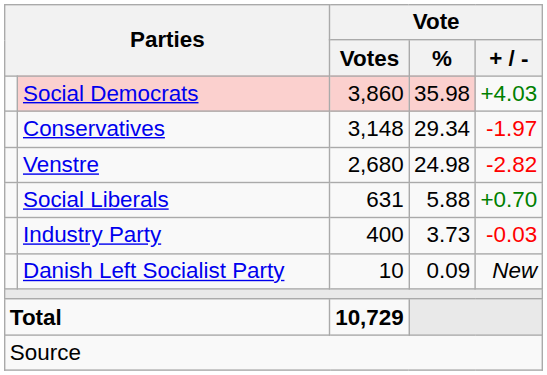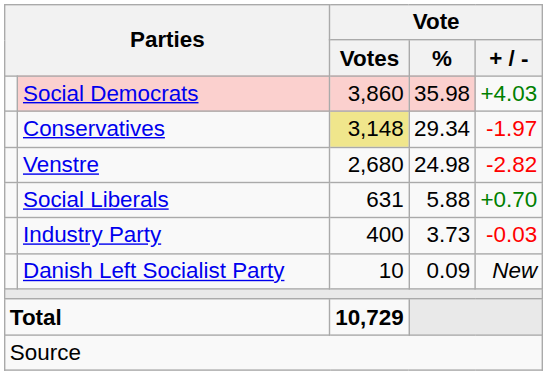 <table class="wikitable" style="text-align:right;">
 <tr>
 <th style="text-align:centre;" rowspan="2" colspan="2" width="225">Parties</th>
 <th colspan="3">Vote</th>
 </tr>
 <tr>
 <th width="15">Votes</th>
 <th width="15">%</th>
 <th width="15">+ / -</th>
 </tr>
 <tr>
 <td width="2" style="color:inherit;background:"></td>
 <td bgcolor=#fbd0ce  align="left"><a href='#'>Social Democrats</a></td>
 <td bgcolor=#fbd0ce>3,860</td>
 <td bgcolor=#fbd0ce>35.98</td>
 <td style=color:green;>+4.03</td>
 </tr>
 <tr>
 <td width="2" style="color:inherit;background:"></td>
 <td align="left"><a href='#'>Conservatives</a></td>
-<td>3,148</td>
+<td style="background: khaki;">3,148</td>
 <td>29.34</td>
 <td style=color:red;>-1.97</td>
 </tr>
 <tr>
 <td width="2" style="color:inherit;background:"></td>
 <td align="left"><a href='#'>Venstre</a></td>
 <td>2,680</td>
 <td>24.98</td>
 <td style=color:red;>-2.82</td>
 </tr>
 <tr>
 <td width="2" style="color:inherit;background:"></td>
 <td align="left"><a href='#'>Social Liberals</a></td>
 <td>631</td>
 <td>5.88</td>
 <td style=color:green;>+0.70</td>
 </tr>
 <tr>
 <td width="2" style="color:inherit;background:"></td>
 <td align="left"><a href='#'>Industry Party</a></td>
 <td>400</td>
 <td>3.73</td>
 <td style=color:red;>-0.03</td>
 </tr>
 <tr>
 <td width="2" style="color:inherit;background:"></td>
 <td align="left"><a href='#'>Danish Left Socialist Party</a></td>
 <td>10</td>
 <td>0.09</td>
 <td><em>New</em></td>
 </tr>
 <tr>
 <td colspan="7" bgcolor="#E9E9E9"></td>
 </tr>
 <tr>
 <td align="left" colspan="2"><strong>Total</strong></td>
 <td><strong>10,729</strong></td>
 <td bgcolor="#E9E9E9" colspan="2"></td>
 </tr>
 <tr>
 <td align="left" colspan="6">Source</td>
 </tr>
 </table>
